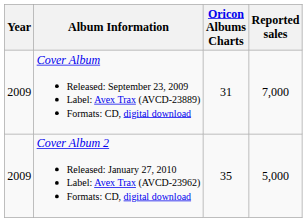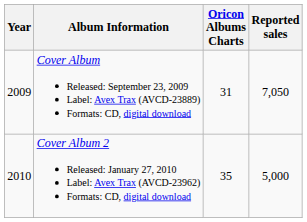 <table class="wikitable">
 <tr>
 <th rowspan="1">Year</th>
 <th rowspan="1">Album Information</th>
 <th colspan="1"><a href='#'>Oricon</a><br>Albums<br>Charts<br></th>
 <th colspan="1">Reported<br>sales<br></th>
 </tr>
 <tr>
 <td align="center">2009</td>
 <td><em><a href='#'>Cover Album</a></em><br><ul><li><small>Released: September 23, 2009</small></li><li><small>Label: <a href='#'>Avex Trax</a> (AVCD-23889)</small></li><li><small>Formats: CD, <a href='#'>digital download</a></small></li></ul></td>
 <td align="center">31</td>
-<td align="center">7,000</td>
+<td align="center">7,050</td>
 </tr>
 <tr>
-<td align="center">2009</td>
+<td align="center">2010</td>
 <td><em><a href='#'>Cover Album 2</a></em><br><ul><li><small>Released: January 27, 2010</small></li><li><small>Label: <a href='#'>Avex Trax</a> (AVCD-23962)</small></li><li><small>Formats: CD, <a href='#'>digital download</a></small></li></ul></td>
 <td align="center">35</td>
 <td align="center">5,000</td>
 </tr>
 </table>
